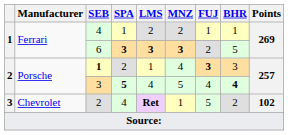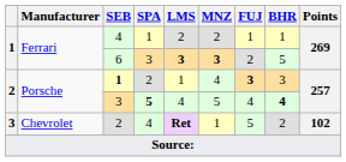 <table class="wikitable" style="font-size:85%; text-align:center;">
 <tr>
 <th></th>
 <th>Manufacturer</th>
 <th><a href='#'>SEB</a><br></th>
 <th><a href='#'>SPA</a><br></th>
 <th><a href='#'>LMS</a><br></th>
 <th><a href='#'>MNZ</a><br></th>
 <th><a href='#'>FUJ</a><br></th>
 <th><a href='#'>BHR</a><br></th>
 <th>Points</th>
 </tr>
 <tr>
 <th rowspan=2>1</th>
 <td rowspan=2 align=left> <a href='#'>Ferrari</a></td>
 <td style="background:#dfffdf;">4</td>
 <td style="background:#ffffbf;">1</td>
 <td style="background:#dfdfdf;">2</td>
 <td style="background:#dfdfdf;">2</td>
 <td style="background:#ffffbf;">1</td>
 <td style="background:#ffffbf;">1</td>
 <th rowspan=2>269</th>
 </tr>
 <tr>
 <td style="background:#dfffdf;">6</td>
-<td style="background:#ffdf9f;"><strong>3</strong></td>
+<td style="background:#ffdf9f;">3</td>
 <td style="background:#ffdf9f;"><strong>3</strong></td>
 <td style="background:#ffdf9f;"><strong>3</strong></td>
 <td style="background:#dfdfdf;">2</td>
 <td style="background:#dfffdf;">5</td>
 </tr>
 <tr>
 <th rowspan=2>2</th>
 <td rowspan=2 align=left> <a href='#'>Porsche</a></td>
 <td style="background:#ffffbf;"><strong>1</strong></td>
 <td style="background:#dfdfdf;">2</td>
 <td style="background:#ffffbf;">1</td>
 <td style="background:#dfffdf;">4</td>
 <td style="background:#ffdf9f;"><strong>3</strong></td>
 <td style="background:#ffdf9f;">3</td>
 <th rowspan=2>257</th>
 </tr>
 <tr>
 <td style="background:#ffdf9f;">3</td>
 <td style="background:#dfffdf;"><strong>5</strong></td>
 <td style="background:#dfffdf;">4</td>
 <td style="background:#dfffdf;">5</td>
 <td style="background:#dfffdf;">4</td>
 <td style="background:#dfffdf;"><strong>4</strong></td>
 </tr>
 <tr>
 <th>3</th>
 <td align=left> <a href='#'>Chevrolet</a></td>
 <td style="background:#dfdfdf;">2</td>
 <td style="background:#dfffdf;">4</td>
 <td style="background:#efcfff;"><strong>Ret</strong></td>
 <td style="background:#ffffbf;">1</td>
 <td style="background:#dfffdf;">5</td>
 <td style="background:#dfdfdf;">2</td>
 <th>102</th>
 </tr>
 <tr class="sortbottom">
 <td colspan="9" style="background-color:#EAECF0;text-align:center"><strong>Source:</strong></td>
 </tr>
 </table>
